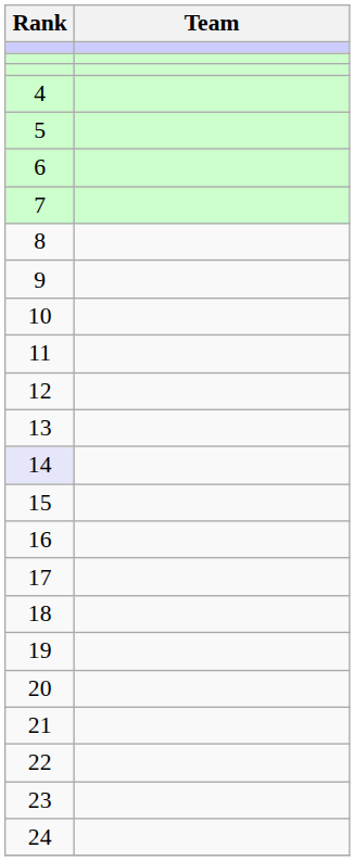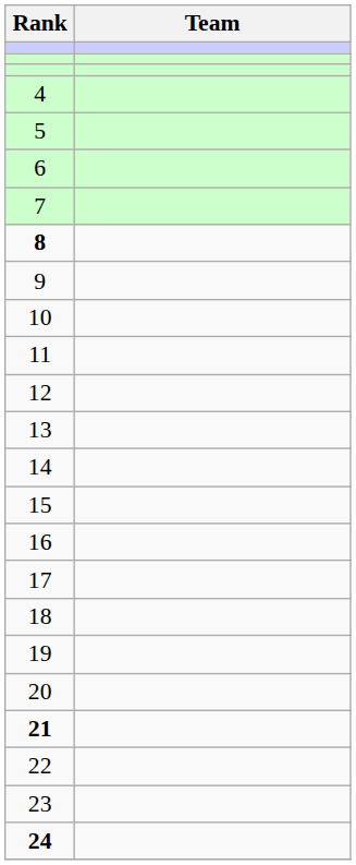 <table class="wikitable">
 <tr>
 <th style="width: 40px;">Rank</th>
 <th style="width: 180px;">Team</th>
 </tr>
 <tr bgcolor=#ccccff>
 <td align=center></td>
 <td></td>
 </tr>
 <tr bgcolor=#ccffcc>
 <td align=center></td>
 <td></td>
 </tr>
 <tr bgcolor=#ccffcc>
 <td align=center></td>
 <td></td>
 </tr>
 <tr bgcolor=#ccffcc>
 <td align=center>4</td>
 <td></td>
 </tr>
 <tr bgcolor=#ccffcc>
 <td align=center>5</td>
 <td></td>
 </tr>
 <tr bgcolor=#ccffcc>
 <td align=center>6</td>
 <td></td>
 </tr>
 <tr bgcolor=#ccffcc>
 <td align=center>7</td>
 <td></td>
 </tr>
 <tr>
-<td align=center>8</td>
+<td align=center><strong>8</strong></td>
 <td></td>
 </tr>
 <tr>
 <td align=center>9</td>
 <td></td>
 </tr>
 <tr>
 <td align=center>10</td>
 <td></td>
 </tr>
 <tr>
 <td align=center>11</td>
 <td></td>
 </tr>
 <tr>
 <td align=center>12</td>
 <td></td>
 </tr>
 <tr>
 <td align=center>13</td>
 <td></td>
 </tr>
 <tr>
-<td align=center style="background: lavender;">14</td>
+<td align=center>14</td>
 <td></td>
 </tr>
 <tr>
 <td align=center>15</td>
 <td></td>
 </tr>
 <tr>
 <td align=center>16</td>
 <td></td>
 </tr>
 <tr>
 <td align=center>17</td>
 <td></td>
 </tr>
 <tr>
 <td align=center>18</td>
 <td></td>
 </tr>
 <tr>
 <td align=center>19</td>
 <td></td>
 </tr>
 <tr>
 <td align=center>20</td>
 <td></td>
 </tr>
 <tr>
-<td align=center>21</td>
+<td align=center><strong>21</strong></td>
 <td></td>
 </tr>
 <tr>
 <td align=center>22</td>
 <td></td>
 </tr>
 <tr>
 <td align=center>23</td>
 <td></td>
 </tr>
 <tr>
-<td align=center>24</td>
+<td align=center><strong>24</strong></td>
 <td></td>
 </tr>
 <tr>
 </tr>
 </table>
